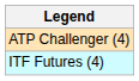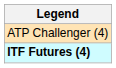 <table class=wikitable style=font-size:97%>
 <tr>
 <th>Legend</th>
 </tr>
 <tr bgcolor=moccasin>
 <td>ATP Challenger (4)</td>
 </tr>
 <tr bgcolor=cffcff>
-<td>ITF Futures (4)</td>
+<td><strong>ITF Futures (4)</strong></td>
 </tr>
 </table>
